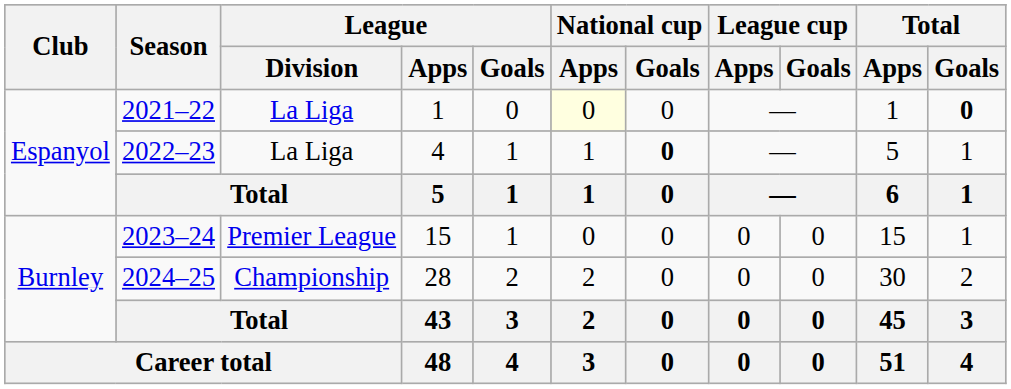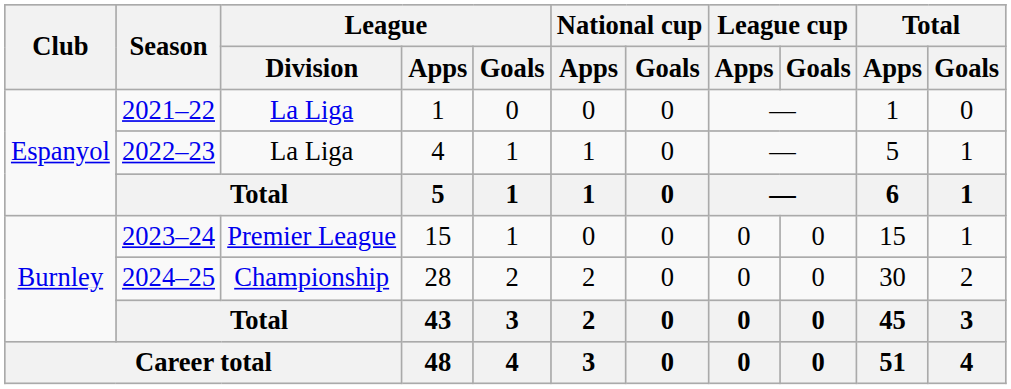 <table class="wikitable" style="text-align: center">
 <tr>
 <th rowspan="2">Club</th>
 <th rowspan="2">Season</th>
 <th colspan="3">League</th>
 <th colspan="2">National cup</th>
 <th colspan="2">League cup</th>
 <th colspan="2">Total</th>
 </tr>
 <tr>
 <th>Division</th>
 <th>Apps</th>
 <th>Goals</th>
 <th>Apps</th>
 <th>Goals</th>
 <th>Apps</th>
 <th>Goals</th>
 <th>Apps</th>
 <th>Goals</th>
 </tr>
 <tr>
 <td rowspan=3><a href='#'>Espanyol</a></td>
 <td><a href='#'>2021–22</a></td>
 <td><a href='#'>La Liga</a></td>
 <td>1</td>
 <td>0</td>
-<td style="background: lightyellow;">0</td>
+<td>0</td>
 <td>0</td>
 <td colspan="2">—</td>
 <td>1</td>
-<td><strong>0</strong></td>
+<td>0</td>
 </tr>
 <tr>
 <td><a href='#'>2022–23</a></td>
 <td>La Liga</td>
 <td>4</td>
 <td>1</td>
 <td>1</td>
-<td><strong>0</strong></td>
+<td>0</td>
 <td colspan="2">—</td>
 <td>5</td>
 <td>1</td>
 </tr>
 <tr>
 <th colspan="2"><strong>Total</strong></th>
 <th>5</th>
 <th>1</th>
 <th>1</th>
 <th>0</th>
 <th colspan="2">—</th>
 <th>6</th>
 <th>1</th>
 </tr>
 <tr>
 <td rowspan=3><a href='#'>Burnley</a></td>
 <td><a href='#'>2023–24</a></td>
 <td><a href='#'>Premier League</a></td>
 <td>15</td>
 <td>1</td>
 <td>0</td>
 <td>0</td>
 <td>0</td>
 <td>0</td>
 <td>15</td>
 <td>1</td>
 </tr>
 <tr>
 <td><a href='#'>2024–25</a></td>
 <td><a href='#'>Championship</a></td>
 <td>28</td>
 <td>2</td>
 <td>2</td>
 <td>0</td>
 <td>0</td>
 <td>0</td>
 <td>30</td>
 <td>2</td>
 </tr>
 <tr>
 <th colspan="2"><strong>Total</strong></th>
 <th>43</th>
 <th>3</th>
 <th>2</th>
 <th>0</th>
 <th>0</th>
 <th>0</th>
 <th>45</th>
 <th>3</th>
 </tr>
 <tr>
 <th colspan="3"><strong>Career total</strong></th>
 <th>48</th>
 <th>4</th>
 <th>3</th>
 <th>0</th>
 <th>0</th>
 <th>0</th>
 <th>51</th>
 <th>4</th>
 </tr>
 </table>
